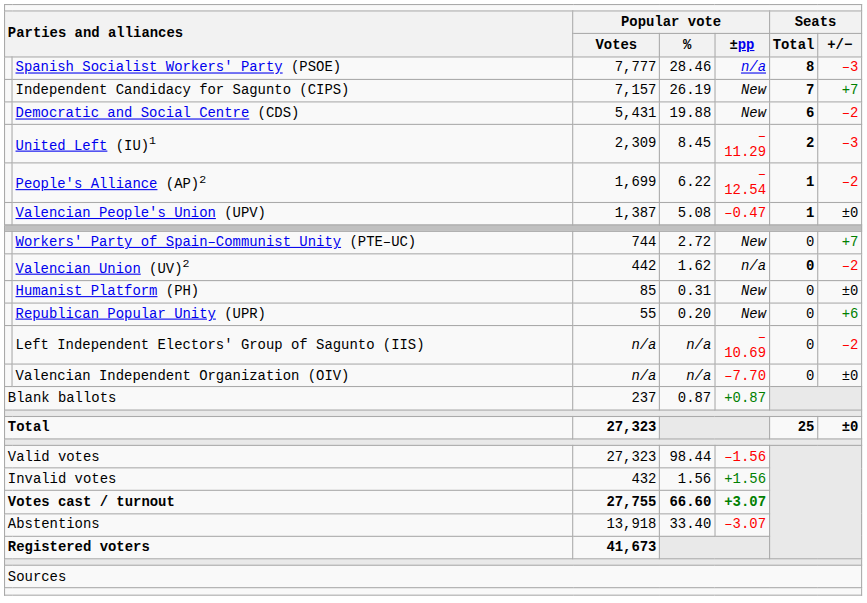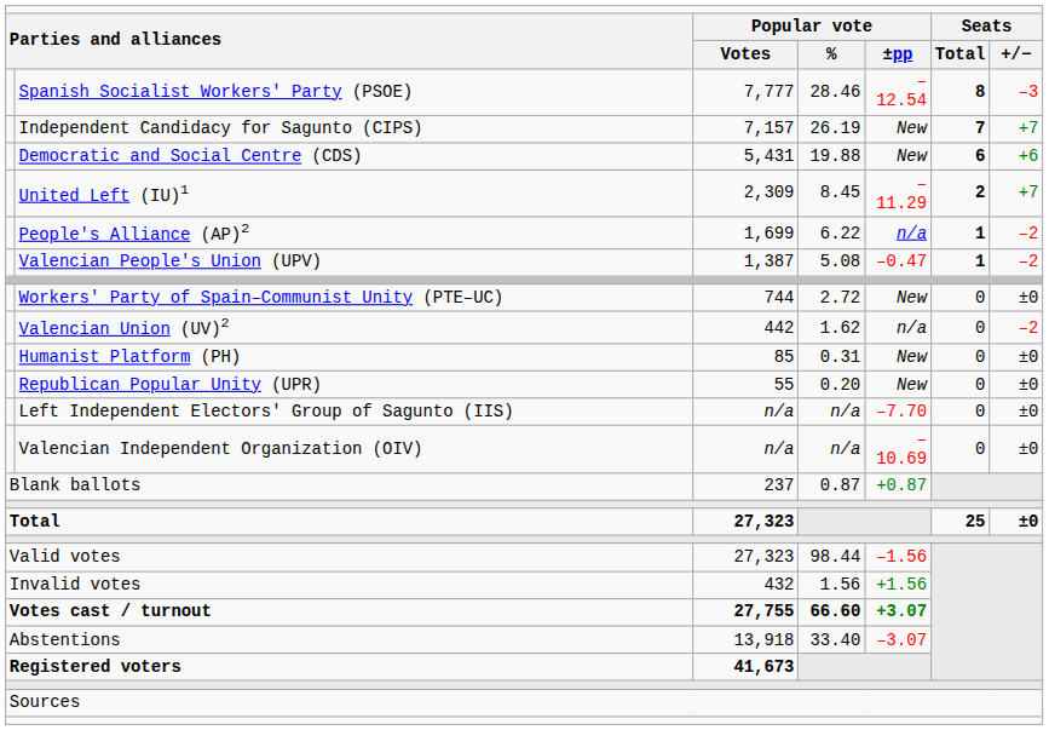 <table class="wikitable" style="text-align:right;">
 <tr>
 <td colspan="7"></td>
 </tr>
 <tr>
 <th style="text-align:left;" rowspan="2" colspan="2" width="525">Parties and alliances</th>
 <th colspan="3">Popular vote</th>
 <th colspan="2">Seats</th>
 </tr>
 <tr>
 <th width="75">Votes</th>
 <th width="45">%</th>
 <th width="45">±<a href='#'>pp</a></th>
 <th width="35">Total</th>
 <th width="35">+/−</th>
 </tr>
 <tr>
 <td width="1" style="color:inherit;background:"></td>
 <td align="left"><a href='#'>Spanish Socialist Workers' Party</a> (PSOE)</td>
 <td>7,777</td>
 <td>28.46</td>
-<td><em><a href='#'>n/a</a></em></td>
+<td style="color:red;">–12.54</td>
 <td><strong>8</strong></td>
 <td style="color:red;">–3</td>
 </tr>
 <tr>
 <td style="color:inherit;background:"></td>
 <td align="left">Independent Candidacy for Sagunto (CIPS)</td>
 <td>7,157</td>
 <td>26.19</td>
 <td><em>New</em></td>
 <td><strong>7</strong></td>
 <td style="color:green;">+7</td>
 </tr>
 <tr>
 <td style="color:inherit;background:"></td>
 <td align="left"><a href='#'>Democratic and Social Centre</a> (CDS)</td>
 <td>5,431</td>
 <td>19.88</td>
 <td><em>New</em></td>
 <td><strong>6</strong></td>
-<td style="color:red;">–2</td>
+<td style="color:green;">+6</td>
 </tr>
 <tr>
 <td style="color:inherit;background:"></td>
 <td align="left"><a href='#'>United Left</a> (IU)<sup>1</sup></td>
 <td>2,309</td>
 <td>8.45</td>
 <td style="color:red;">–11.29</td>
 <td><strong>2</strong></td>
-<td style="color:red;">–3</td>
+<td style="color:green;">+7</td>
 </tr>
 <tr>
 <td style="color:inherit;background:"></td>
 <td align="left"><a href='#'>People's Alliance</a> (AP)<sup>2</sup></td>
 <td>1,699</td>
 <td>6.22</td>
-<td style="color:red;">–12.54</td>
+<td><em><a href='#'>n/a</a></em></td>
 <td><strong>1</strong></td>
 <td style="color:red;">–2</td>
 </tr>
 <tr>
 <td style="color:inherit;background:"></td>
 <td align="left"><a href='#'>Valencian People's Union</a> (UPV)</td>
 <td>1,387</td>
 <td>5.08</td>
 <td style="color:red;">–0.47</td>
 <td><strong>1</strong></td>
-<td>±0</td>
+<td style="color:red;">–2</td>
 </tr>
 <tr>
 <td colspan="7" bgcolor="#C0C0C0"></td>
 </tr>
 <tr>
 <td style="color:inherit;background:"></td>
 <td align="left"><a href='#'>Workers' Party of Spain–Communist Unity</a> (PTE–UC)</td>
 <td>744</td>
 <td>2.72</td>
 <td><em>New</em></td>
 <td>0</td>
-<td style="color:green;">+7</td>
+<td>±0</td>
 </tr>
 <tr>
 <td style="color:inherit;background:"></td>
 <td align="left"><a href='#'>Valencian Union</a> (UV)<sup>2</sup></td>
 <td>442</td>
 <td>1.62</td>
 <td><em>n/a</em></td>
-<td><strong>0</strong></td>
+<td>0</td>
 <td style="color:red;">–2</td>
 </tr>
 <tr>
 <td style="color:inherit;background:"></td>
 <td align="left"><a href='#'>Humanist Platform</a> (PH)</td>
 <td>85</td>
 <td>0.31</td>
 <td><em>New</em></td>
 <td>0</td>
 <td>±0</td>
 </tr>
 <tr>
 <td style="color:inherit;background:"></td>
 <td align="left"><a href='#'>Republican Popular Unity</a> (UPR)</td>
 <td>55</td>
 <td>0.20</td>
 <td><em>New</em></td>
 <td>0</td>
-<td style="color:green;">+6</td>
+<td>±0</td>
 </tr>
 <tr>
 <td style="color:inherit;background:"></td>
 <td align="left">Left Independent Electors' Group of Sagunto (IIS)</td>
 <td><em>n/a</em></td>
 <td><em>n/a</em></td>
-<td style="color:red;">–10.69</td>
+<td style="color:red;">–7.70</td>
 <td>0</td>
-<td style="color:red;">–2</td>
+<td>±0</td>
 </tr>
 <tr>
 <td style="color:inherit;background:"></td>
 <td align="left">Valencian Independent Organization (OIV)</td>
 <td><em>n/a</em></td>
 <td><em>n/a</em></td>
-<td style="color:red;">–7.70</td>
+<td style="color:red;">–10.69</td>
 <td>0</td>
 <td>±0</td>
 </tr>
 <tr>
 <td align="left" colspan="2">Blank ballots</td>
 <td>237</td>
 <td>0.87</td>
 <td style="color:green;">+0.87</td>
 <td bgcolor="#E9E9E9" colspan="2"></td>
 </tr>
 <tr>
 <td colspan="7" bgcolor="#E9E9E9"></td>
 </tr>
 <tr style="font-weight:bold;">
 <td align="left" colspan="2">Total</td>
 <td>27,323</td>
 <td bgcolor="#E9E9E9" colspan="2"></td>
 <td>25</td>
 <td>±0</td>
 </tr>
 <tr>
 <td colspan="7" bgcolor="#E9E9E9"></td>
 </tr>
 <tr>
 <td align="left" colspan="2">Valid votes</td>
 <td>27,323</td>
 <td>98.44</td>
 <td style="color:red;">–1.56</td>
 <td bgcolor="#E9E9E9" colspan="2" rowspan="5"></td>
 </tr>
 <tr>
 <td align="left" colspan="2">Invalid votes</td>
 <td>432</td>
 <td>1.56</td>
 <td style="color:green;">+1.56</td>
 </tr>
 <tr style="font-weight:bold;">
 <td align="left" colspan="2">Votes cast / turnout</td>
 <td>27,755</td>
 <td>66.60</td>
 <td style="color:green;">+3.07</td>
 </tr>
 <tr>
 <td align="left" colspan="2">Abstentions</td>
 <td>13,918</td>
 <td>33.40</td>
 <td style="color:red;">–3.07</td>
 </tr>
 <tr style="font-weight:bold;">
 <td align="left" colspan="2">Registered voters</td>
 <td>41,673</td>
 <td bgcolor="#E9E9E9" colspan="2"></td>
 </tr>
 <tr>
 <td colspan="7" bgcolor="#E9E9E9"></td>
 </tr>
 <tr>
 <td align="left" colspan="7">Sources</td>
 </tr>
 <tr>
 <td colspan="7" style="text-align:left; max-width:790px;"></td>
 </tr>
 </table>
